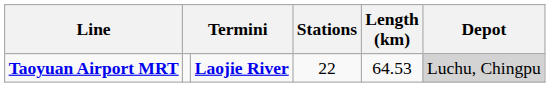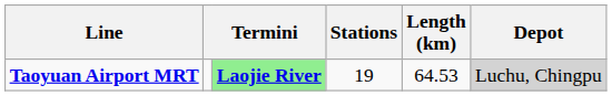 <table class=wikitable style="cell-padding:1.5; font-size:96%; text-align:center;">
 <tr>
 <th>Line</th>
 <th colspan=2>Termini<br></th>
 <th>Stations</th>
 <th>Length<br>(km)</th>
 <th>Depot</th>
 </tr>
 <tr>
 <td align="center"><a href='#'><span><strong> Taoyuan Airport MRT</strong></span></a><br></td>
 <td align=center><strong></strong><br></td>
-<td align=center><strong><a href='#'>Laojie River</a></strong><br></td>
-<td>22</td>
+<td align=center style="background: lightgreen;"><strong><a href='#'>Laojie River</a></strong><br></td>
+<td>19</td>
 <td>64.53</td>
 <td style="background: lightgrey;">Luchu, Chingpu</td>
 </tr>
 </table>
